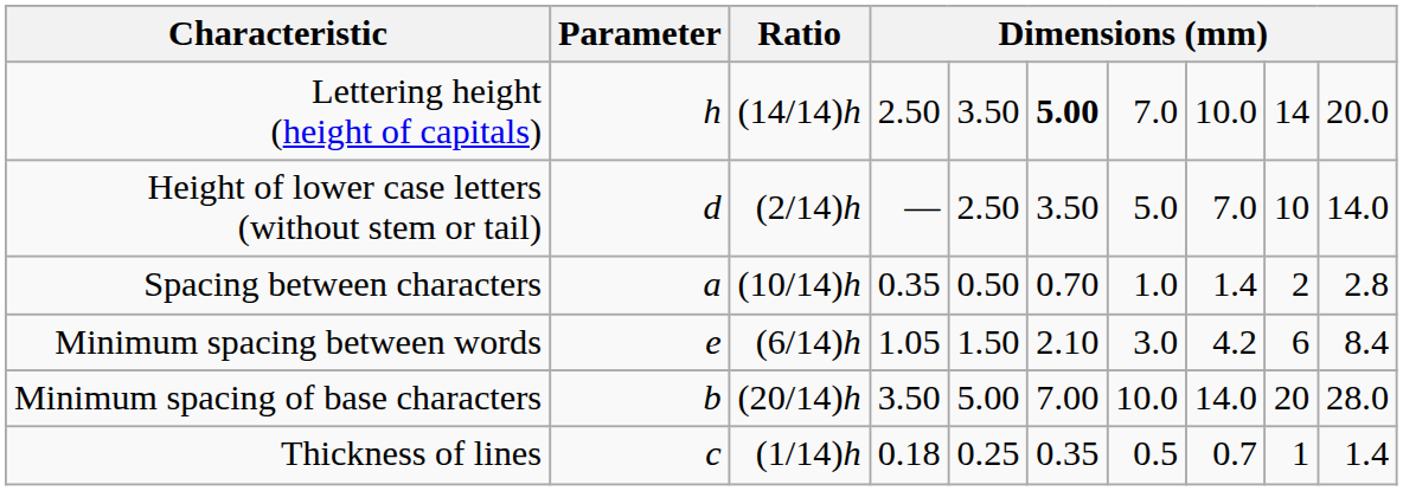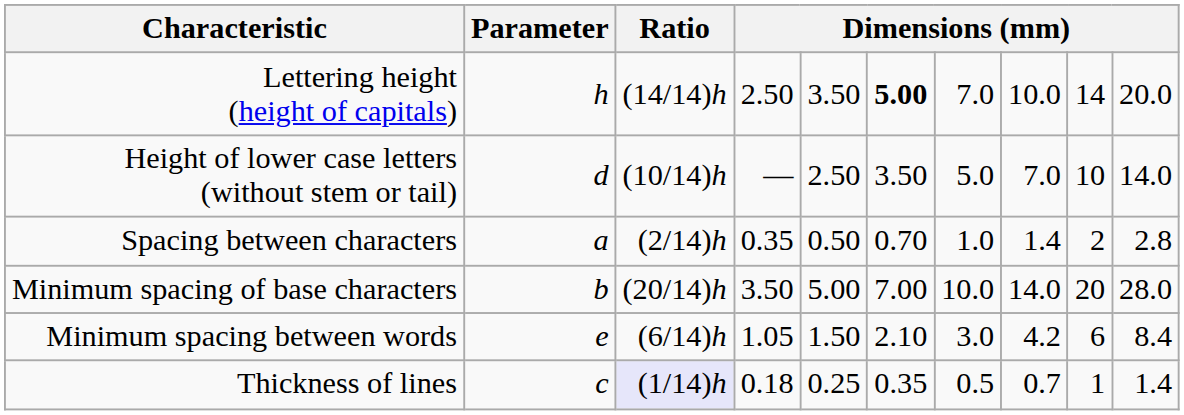 <table class="wikitable" style="font-variant-numeric:tabular-nums; text-align:right;">
 <tr>
 <th>Characteristic</th>
 <th>Parameter</th>
 <th>Ratio</th>
 <th colspan=7>Dimensions (mm)</th>
 </tr>
 <tr>
 <td>Lettering height<br>(<a href='#'>height of capitals</a>)</td>
 <td><em>h</em></td>
 <td>(14/14)<em>h</em></td>
 <td>2.50</td>
 <td>3.50</td>
 <td><strong>5.00</strong></td>
 <td>7.0</td>
 <td>10.0</td>
 <td>14</td>
 <td>20.0</td>
 </tr>
 <tr>
 <td>Height of lower case letters<br>(without stem or tail)</td>
 <td><em>d</em></td>
-<td>(2/14)<em>h</em></td>
+<td>(10/14)<em>h</em></td>
 <td>—</td>
 <td>2.50</td>
 <td>3.50</td>
 <td>5.0</td>
 <td>7.0</td>
 <td>10</td>
 <td>14.0</td>
 </tr>
 <tr>
 <td>Spacing between characters</td>
 <td><em>a</em></td>
-<td>(10/14)<em>h</em></td>
+<td>(2/14)<em>h</em></td>
 <td>0.35</td>
 <td>0.50</td>
 <td>0.70</td>
 <td>1.0</td>
 <td>1.4</td>
 <td>2</td>
 <td>2.8</td>
+</tr>
+<tr>
+<td>Minimum spacing of base characters</td>
+<td><em>b</em></td>
+<td>(20/14)<em>h</em></td>
+<td>3.50</td>
+<td>5.00</td>
+<td>7.00</td>
+<td>10.0</td>
+<td>14.0</td>
+<td>20</td>
+<td>28.0</td>
 </tr>
 <tr>
 <td>Minimum spacing between words</td>
 <td><em>e</em></td>
 <td>(6/14)<em>h</em></td>
 <td>1.05</td>
 <td>1.50</td>
 <td>2.10</td>
 <td>3.0</td>
 <td>4.2</td>
 <td>6</td>
 <td>8.4</td>
 </tr>
 <tr>
-<td>Minimum spacing of base characters</td>
-<td><em>b</em></td>
-<td>(20/14)<em>h</em></td>
-<td>3.50</td>
-<td>5.00</td>
-<td>7.00</td>
-<td>10.0</td>
-<td>14.0</td>
-<td>20</td>
-<td>28.0</td>
-</tr>
-<tr>
 <td>Thickness of lines</td>
 <td><em>c</em></td>
-<td>(1/14)<em>h</em></td>
+<td style="background: lavender;">(1/14)<em>h</em></td>
 <td>0.18</td>
 <td>0.25</td>
 <td>0.35</td>
 <td>0.5</td>
 <td>0.7</td>
 <td>1</td>
 <td>1.4</td>
 </tr>
 </table>
